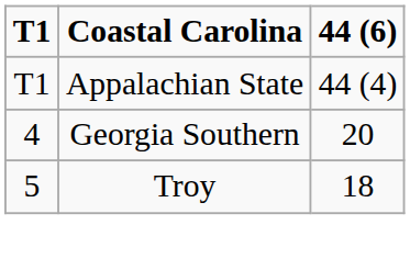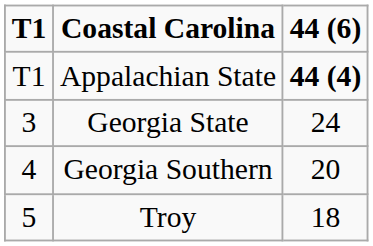 <table class="wikitable" style="display: inline-table;">
 <tr align="center">
 <td><strong>T1</strong></td>
 <td><strong>Coastal Carolina</strong></td>
 <td><strong>44 (6)</strong></td>
 </tr>
 <tr align="center">
 <td>T1</td>
 <td>Appalachian State</td>
-<td>44 (4)</td>
+<td><strong>44 (4)</strong></td>
+</tr>
+<tr align="center">
+<td>3</td>
+<td>Georgia State</td>
+<td>24</td>
 </tr>
 <tr align="center">
 <td>4</td>
 <td>Georgia Southern</td>
 <td>20</td>
 </tr>
 <tr align="center">
 <td>5</td>
 <td>Troy</td>
 <td>18</td>
 </tr>
 </table>
